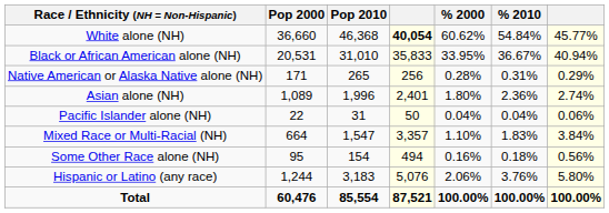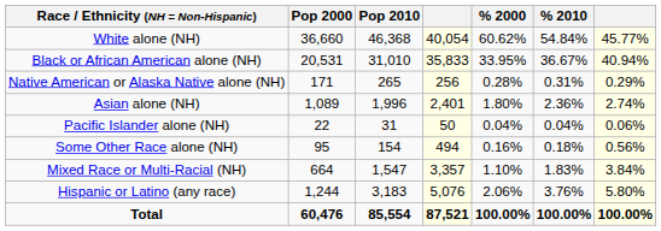 <table class="wikitable" style="text-align:center;">
 <tr>
 <th>Race / Ethnicity <small>(<em>NH = Non-Hispanic</em>)</small></th>
 <th>Pop 2000</th>
 <th>Pop 2010</th>
 <th></th>
 <th>% 2000</th>
 <th>% 2010</th>
 <th></th>
 </tr>
 <tr>
 <td><a href='#'>White</a> alone (NH)</td>
 <td>36,660</td>
 <td>46,368</td>
-<td style='background: #ffffe6;'><strong>40,054</strong></td>
+<td style='background: #ffffe6;'>40,054</td>
 <td>60.62%</td>
 <td>54.84%</td>
 <td style='background: #ffffe6;'>45.77%</td>
 </tr>
 <tr>
 <td><a href='#'>Black or African American</a> alone (NH)</td>
 <td>20,531</td>
 <td>31,010</td>
 <td style='background: #ffffe6;'>35,833</td>
 <td>33.95%</td>
 <td>36.67%</td>
 <td style='background: #ffffe6;'>40.94%</td>
 </tr>
 <tr>
 <td><a href='#'>Native American</a> or <a href='#'>Alaska Native</a> alone (NH)</td>
 <td>171</td>
 <td>265</td>
 <td style='background: #ffffe6;'>256</td>
 <td>0.28%</td>
 <td>0.31%</td>
 <td style='background: #ffffe6;'>0.29%</td>
 </tr>
 <tr>
 <td><a href='#'>Asian</a> alone (NH)</td>
 <td>1,089</td>
 <td>1,996</td>
 <td style='background: #ffffe6;'>2,401</td>
 <td>1.80%</td>
 <td>2.36%</td>
 <td style='background: #ffffe6;'>2.74%</td>
 </tr>
 <tr>
 <td><a href='#'>Pacific Islander</a> alone (NH)</td>
 <td>22</td>
 <td>31</td>
 <td style='background: #ffffe6;'>50</td>
 <td>0.04%</td>
 <td>0.04%</td>
 <td style='background: #ffffe6;'>0.06%</td>
 </tr>
 <tr>
+<td><a href='#'>Some Other Race</a> alone (NH)</td>
+<td>95</td>
+<td>154</td>
+<td style='background: #ffffe6;'>494</td>
+<td>0.16%</td>
+<td>0.18%</td>
+<td style='background: #ffffe6;'>0.56%</td>
+</tr>
+<tr>
 <td><a href='#'>Mixed Race or Multi-Racial</a> (NH)</td>
 <td>664</td>
 <td>1,547</td>
 <td style='background: #ffffe6;'>3,357</td>
 <td>1.10%</td>
 <td>1.83%</td>
 <td style='background: #ffffe6;'>3.84%</td>
-</tr>
-<tr>
-<td><a href='#'>Some Other Race</a> alone (NH)</td>
-<td>95</td>
-<td>154</td>
-<td style='background: #ffffe6;'>494</td>
-<td>0.16%</td>
-<td>0.18%</td>
-<td style='background: #ffffe6;'>0.56%</td>
 </tr>
 <tr>
 <td><a href='#'>Hispanic or Latino</a> (any race)</td>
 <td>1,244</td>
 <td>3,183</td>
 <td style='background: #ffffe6;'>5,076</td>
 <td>2.06%</td>
 <td>3.76%</td>
 <td style='background: #ffffe6;'>5.80%</td>
 </tr>
 <tr>
 <td><strong>Total</strong></td>
 <td><strong>60,476</strong></td>
 <td><strong>85,554</strong></td>
 <td style='background: #ffffe6;'><strong>87,521</strong></td>
 <td><strong>100.00%</strong></td>
 <td><strong>100.00%</strong></td>
 <td style='background: #ffffe6;'><strong>100.00%</strong></td>
 </tr>
 </table>
